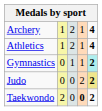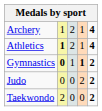 <table class="wikitable" style="font-size:90%; text-align:center;">
 <tr>
 <th colspan="5">Medals by sport</th>
 </tr>
 <tr>
 <td align="left"><a href='#'>Archery</a></td>
 <td style="background:#F7F6A8;">1</td>
 <td style="background:#DCE5E5;">2</td>
 <td style="background:#FFDAB9;">1</td>
 <td><strong>4</strong></td>
 </tr>
 <tr>
 <td align="left"><a href='#'>Athletics</a></td>
-<td style="background:#F7F6A8;">1</td>
+<td style="background:#F7F6A8;"><strong>1</strong></td>
 <td style="background:#DCE5E5;">2</td>
 <td style="background:#FFDAB9;">1</td>
 <td><strong>4</strong></td>
 </tr>
 <tr>
 <td align="left"><a href='#'>Gymnastics</a></td>
-<td style="background:#F7F6A8;">0</td>
+<td style="background:#F7F6A8;"><strong>0</strong></td>
 <td style="background:#DCE5E5;">1</td>
-<td style="background:#FFDAB9;">1</td>
-<td style="background: paleturquoise;"><strong>2</strong></td>
+<td style="background:#FFDAB9;"><strong>1</strong></td>
+<td><strong>2</strong></td>
 </tr>
 <tr>
 <td align="left"><a href='#'>Judo</a></td>
 <td style="background:#F7F6A8;">0</td>
 <td style="background:#DCE5E5;">0</td>
 <td style="background:#FFDAB9;">2</td>
-<td style="background: khaki;"><strong>2</strong></td>
+<td><strong>2</strong></td>
 </tr>
 <tr>
 <td align="left"><a href='#'>Taekwondo</a></td>
 <td style="background:#F7F6A8;">2</td>
 <td style="background:#DCE5E5;">0</td>
-<td style="background:#FFDAB9;"><strong>0</strong></td>
+<td style="background:#FFDAB9;">0</td>
 <td><strong>2</strong></td>
 </tr>
 </table>
